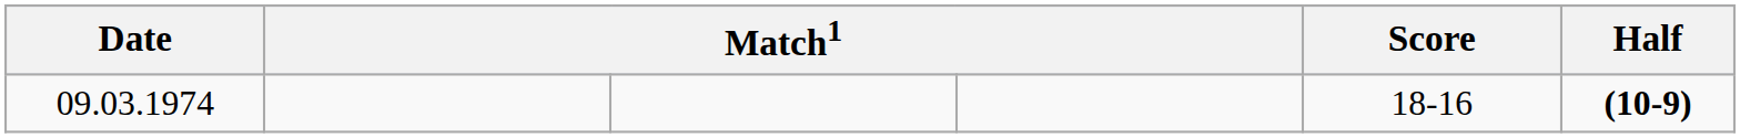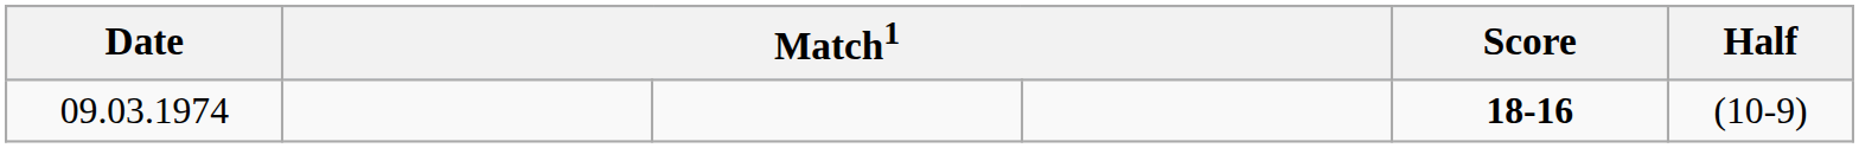 <table width=750 class="wikitable">
 <tr bgcolor="lightsteelblue">
 <th width=15%>Date</th>
 <th width=60% colspan=3>Match<sup>1</sup></th>
 <th width=15%>Score</th>
 <th>Half</th>
 </tr>
 <tr style=font-size:95%>
 <td align=center>09.03.1974</td>
 <td align=right><strong></strong></td>
 <td></td>
 <td align=left></td>
-<td align=center>18-16</td>
-<td align=center><strong>(10-9)</strong></td>
+<td align=center><strong>18-16</strong></td>
+<td align=center>(10-9)</td>
 </tr>
 </table>
